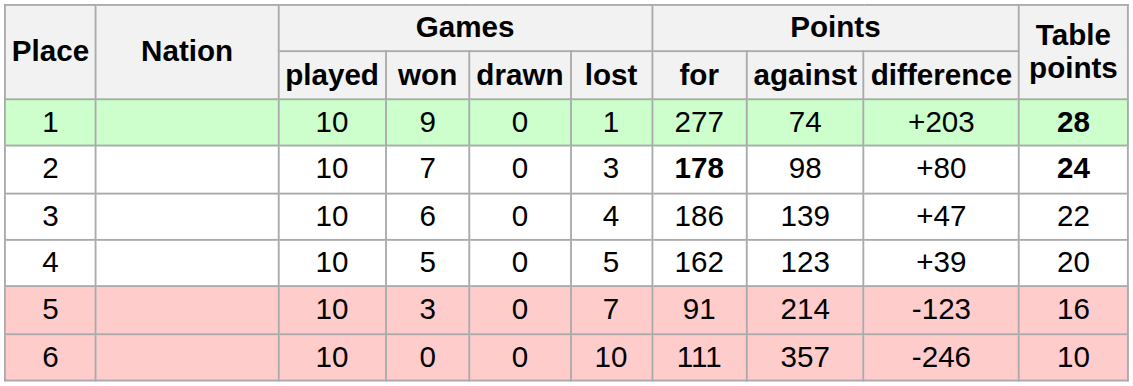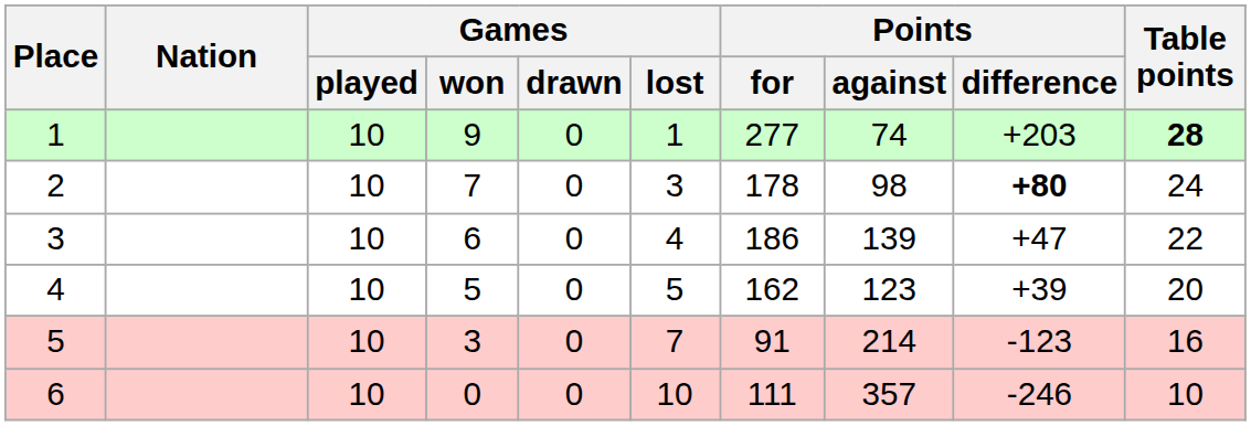 <table class="wikitable">
 <tr>
 <th rowspan=2 width="8%">Place</th>
 <th rowspan=2 width="20%">Nation</th>
 <th colspan=4 width="32%">Games</th>
 <th colspan=3 width="30%">Points</th>
 <th rowspan=2 width="10%">Table<br>points</th>
 </tr>
 <tr>
 <th width="8%">played</th>
 <th width="8%">won</th>
 <th width="8%">drawn</th>
 <th width="8%">lost</th>
 <th width="10%">for</th>
 <th width="10%">against</th>
 <th width="10%">difference</th>
 </tr>
 <tr bgcolor=#ccffcc align=center>
 <td>1</td>
 <td align=left><strong></strong></td>
 <td>10</td>
 <td>9</td>
 <td>0</td>
 <td>1</td>
 <td>277</td>
 <td>74</td>
 <td>+203</td>
 <td><strong>28</strong></td>
 </tr>
 <tr bgcolor=#ffffff align=center>
 <td>2</td>
 <td align=left></td>
 <td>10</td>
 <td>7</td>
 <td>0</td>
 <td>3</td>
-<td><strong>178</strong></td>
+<td>178</td>
 <td>98</td>
-<td>+80</td>
-<td><strong>24</strong></td>
+<td><strong>+80</strong></td>
+<td>24</td>
 </tr>
 <tr bgcolor=#ffffff align=center>
 <td>3</td>
 <td align=left></td>
 <td>10</td>
 <td>6</td>
 <td>0</td>
 <td>4</td>
 <td>186</td>
 <td>139</td>
 <td>+47</td>
 <td>22</td>
 </tr>
 <tr bgcolor=#ffffff align=center>
 <td>4</td>
 <td align=left></td>
 <td>10</td>
 <td>5</td>
 <td>0</td>
 <td>5</td>
 <td>162</td>
 <td>123</td>
 <td>+39</td>
 <td>20</td>
 </tr>
 <tr bgcolor=#ffcccc align=center>
 <td>5</td>
 <td align=left><em></em></td>
 <td>10</td>
 <td>3</td>
 <td>0</td>
 <td>7</td>
 <td>91</td>
 <td>214</td>
 <td>-123</td>
 <td>16</td>
 </tr>
 <tr bgcolor=#ffcccc align=center>
 <td>6</td>
 <td align=left><em></em></td>
 <td>10</td>
 <td>0</td>
 <td>0</td>
 <td>10</td>
 <td>111</td>
 <td>357</td>
 <td>-246</td>
 <td>10</td>
 </tr>
 </table>
